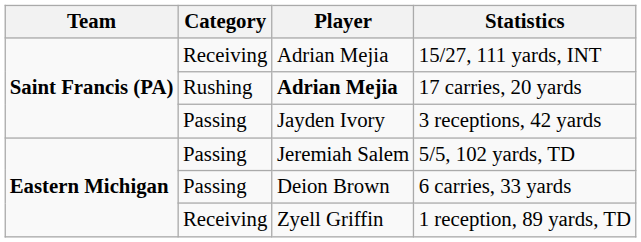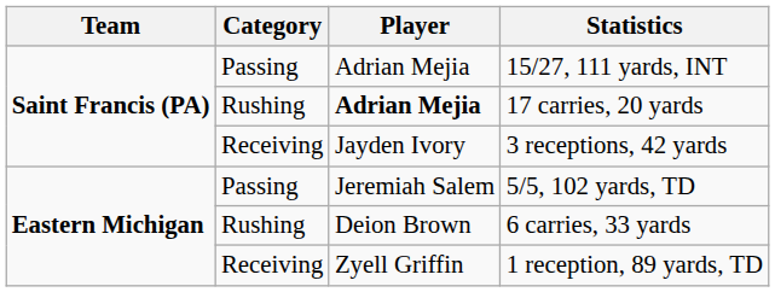 <table class="wikitable" style="float: right;">
 <tr>
 <th>Team</th>
 <th>Category</th>
 <th>Player</th>
 <th>Statistics</th>
 </tr>
 <tr>
 <td rowspan=3><strong>Saint Francis (PA)</strong></td>
-<td>Receiving</td>
+<td>Passing</td>
 <td>Adrian Mejia</td>
 <td>15/27, 111 yards, INT</td>
 </tr>
 <tr>
 <td>Rushing</td>
 <td><strong>Adrian Mejia</strong></td>
 <td>17 carries, 20 yards</td>
 </tr>
 <tr>
-<td>Passing</td>
+<td>Receiving</td>
 <td>Jayden Ivory</td>
 <td>3 receptions, 42 yards</td>
 </tr>
 <tr>
 <td rowspan=3><strong>Eastern Michigan</strong></td>
 <td>Passing</td>
 <td>Jeremiah Salem</td>
 <td>5/5, 102 yards, TD</td>
 </tr>
 <tr>
-<td>Passing</td>
+<td>Rushing</td>
 <td>Deion Brown</td>
 <td>6 carries, 33 yards</td>
 </tr>
 <tr>
 <td>Receiving</td>
 <td>Zyell Griffin</td>
 <td>1 reception, 89 yards, TD</td>
 </tr>
 </table>
